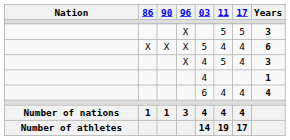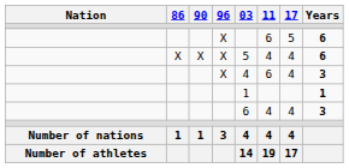 <table class=wikitable style="text-align:center">
 <tr>
 <th width=180>Nation</th>
 <th width=20><a href='#'>86</a></th>
 <th width=20><a href='#'>90</a></th>
 <th width=20><a href='#'>96</a></th>
 <th width=20><a href='#'>03</a></th>
 <th width=20><a href='#'>11</a></th>
 <th width=20><a href='#'>17</a></th>
 <th width=40>Years</th>
 </tr>
 <tr bgcolor=#DDDDDD>
 <td colspan=8></td>
 </tr>
 <tr>
 <td align=left></td>
 <td></td>
 <td></td>
 <td>X</td>
 <td></td>
+<td>6</td>
 <td>5</td>
-<td>5</td>
-<td><strong>3</strong></td>
+<td><strong>6</strong></td>
 </tr>
 <tr>
 <td align=left></td>
 <td>X</td>
 <td>X</td>
 <td>X</td>
 <td>5</td>
 <td>4</td>
 <td>4</td>
 <td><strong>6</strong></td>
 </tr>
 <tr>
 <td align=left></td>
 <td></td>
 <td></td>
 <td>X</td>
 <td>4</td>
-<td>5</td>
+<td>6</td>
 <td>4</td>
 <td><strong>3</strong></td>
 </tr>
 <tr>
 <td align=left></td>
 <td></td>
 <td></td>
 <td></td>
-<td>4</td>
+<td>1</td>
 <td></td>
 <td></td>
 <td><strong>1</strong></td>
 </tr>
 <tr>
 <td align=left></td>
 <td></td>
 <td></td>
 <td></td>
 <td>6</td>
 <td>4</td>
 <td>4</td>
-<td><strong>4</strong></td>
+<td><strong>3</strong></td>
 </tr>
 <tr bgcolor=#DDDDDD>
 <td colspan=8></td>
 </tr>
 <tr>
 <th>Number of nations</th>
 <th>1</th>
 <th>1</th>
 <th>3</th>
 <th>4</th>
 <th>4</th>
 <th>4</th>
 <th></th>
 </tr>
 <tr>
 <th>Number of athletes</th>
 <th></th>
 <th></th>
 <th></th>
 <th>14</th>
 <th>19</th>
 <th>17</th>
 <th></th>
 </tr>
 </table>
